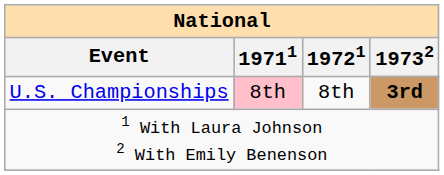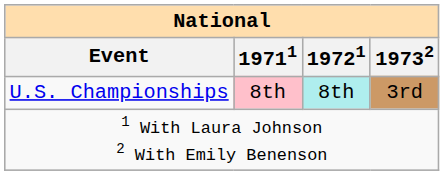 <table class="wikitable" style="text-align:center">
 <tr>
 <th style="background-color: #ffdead; " colspan=4 align=center>National</th>
 </tr>
 <tr>
 <th>Event</th>
 <th>1971<sup>1</sup></th>
 <th>1972<sup>1</sup></th>
 <th>1973<sup>2</sup></th>
 </tr>
 <tr>
 <td align=left><a href='#'>U.S. Championships</a></td>
 <td style="background: pink;">8th</td>
-<td>8th</td>
-<td bgcolor=cc9966><strong>3rd</strong></td>
+<td style="background: paleturquoise;">8th</td>
+<td bgcolor=cc9966>3rd</td>
 </tr>
 <tr>
 <td colspan=4 align=center><small> <sup>1</sup> With Laura Johnson <br> <sup>2</sup> With Emily Benenson </small></td>
 </tr>
 </table>
